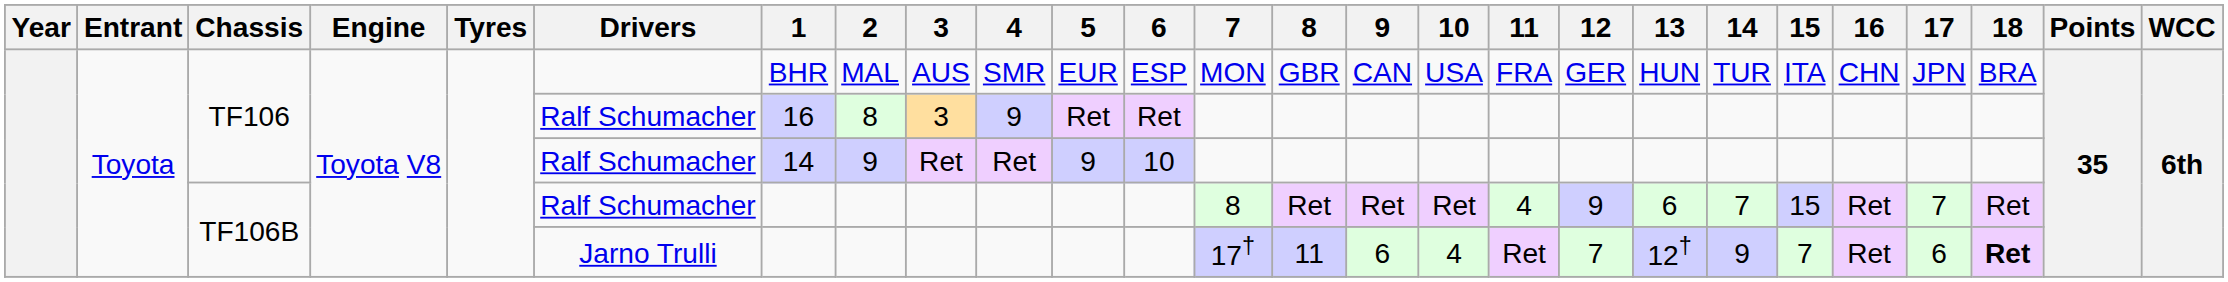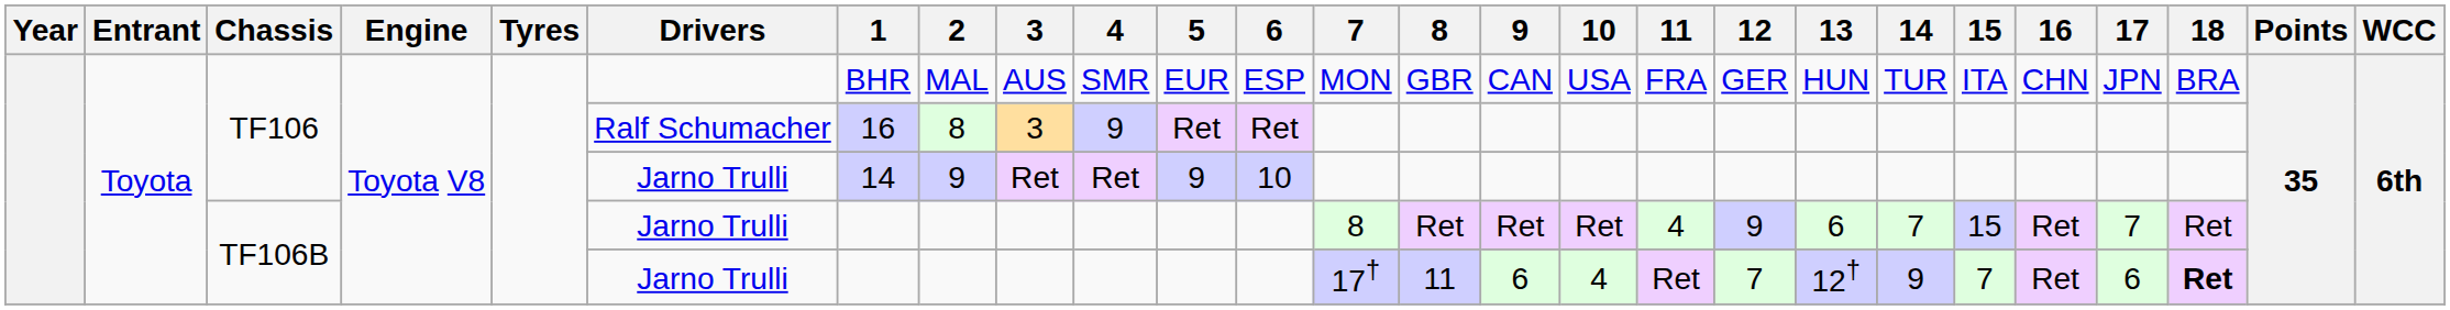 <table class="wikitable" style="text-align:center; font-size:95%">
 <tr>
 <th>Year</th>
 <th>Entrant</th>
 <th>Chassis</th>
 <th>Engine</th>
 <th>Tyres</th>
 <th>Drivers</th>
 <th>1</th>
 <th>2</th>
 <th>3</th>
 <th>4</th>
 <th>5</th>
 <th>6</th>
 <th>7</th>
 <th>8</th>
 <th>9</th>
 <th>10</th>
 <th>11</th>
 <th>12</th>
 <th>13</th>
 <th>14</th>
 <th>15</th>
 <th>16</th>
 <th>17</th>
 <th>18</th>
 <th>Points</th>
 <th>WCC</th>
 </tr>
 <tr>
 <th rowspan="5"></th>
 <td rowspan="5"><a href='#'>Toyota</a></td>
 <td rowspan="3">TF106</td>
 <td rowspan="5"><a href='#'>Toyota</a> <a href='#'>V8</a></td>
 <td rowspan="5"></td>
 <td></td>
 <td><a href='#'>BHR</a></td>
 <td><a href='#'>MAL</a></td>
 <td><a href='#'>AUS</a></td>
 <td><a href='#'>SMR</a></td>
 <td><a href='#'>EUR</a></td>
 <td><a href='#'>ESP</a></td>
 <td><a href='#'>MON</a></td>
 <td><a href='#'>GBR</a></td>
 <td><a href='#'>CAN</a></td>
 <td><a href='#'>USA</a></td>
 <td><a href='#'>FRA</a></td>
 <td><a href='#'>GER</a></td>
 <td><a href='#'>HUN</a></td>
 <td><a href='#'>TUR</a></td>
 <td><a href='#'>ITA</a></td>
 <td><a href='#'>CHN</a></td>
 <td><a href='#'>JPN</a></td>
 <td><a href='#'>BRA</a></td>
 <th rowspan="5">35</th>
 <th rowspan="5">6th</th>
 </tr>
 <tr>
 <td> <a href='#'>Ralf Schumacher</a></td>
 <td style="background:#CFCFFF;">16</td>
 <td style="background:#DFFFDF;">8</td>
 <td style="background:#FFDF9F;">3</td>
 <td style="background:#CFCFFF;">9</td>
 <td style="background:#EFCFFF;">Ret</td>
 <td style="background:#EFCFFF;">Ret</td>
 <td></td>
 <td></td>
 <td></td>
 <td></td>
 <td></td>
 <td></td>
 <td></td>
 <td></td>
 <td></td>
 <td></td>
 <td></td>
 <td></td>
 </tr>
 <tr>
-<td> <a href='#'>Ralf Schumacher</a></td>
+<td> <a href='#'>Jarno Trulli</a></td>
 <td style="background:#CFCFFF;">14</td>
 <td style="background:#CFCFFF;">9</td>
 <td style="background:#EFCFFF;">Ret</td>
 <td style="background:#EFCFFF;">Ret</td>
 <td style="background:#CFCFFF;">9</td>
 <td style="background:#CFCFFF;">10</td>
 <td></td>
 <td></td>
 <td></td>
 <td></td>
 <td></td>
 <td></td>
 <td></td>
 <td></td>
 <td></td>
 <td></td>
 <td></td>
 <td></td>
 </tr>
 <tr>
 <td rowspan="2">TF106B</td>
-<td> <a href='#'>Ralf Schumacher</a></td>
+<td> <a href='#'>Jarno Trulli</a></td>
 <td></td>
 <td></td>
 <td></td>
 <td></td>
 <td></td>
 <td></td>
 <td style="background:#DFFFDF;">8</td>
 <td style="background:#EFCFFF;">Ret</td>
 <td style="background:#EFCFFF;">Ret</td>
 <td style="background:#EFCFFF;">Ret</td>
 <td style="background:#DFFFDF;">4</td>
 <td style="background:#CFCFFF;">9</td>
 <td style="background:#DFFFDF;">6</td>
 <td style="background:#DFFFDF;">7</td>
 <td style="background:#CFCFFF;">15</td>
 <td style="background:#EFCFFF;">Ret</td>
 <td style="background:#DFFFDF;">7</td>
 <td style="background:#EFCFFF;">Ret</td>
 </tr>
 <tr>
 <td> <a href='#'>Jarno Trulli</a></td>
 <td></td>
 <td></td>
 <td></td>
 <td></td>
 <td></td>
 <td></td>
 <td style="background:#CFCFFF;">17<sup>†</sup></td>
 <td style="background:#CFCFFF;">11</td>
 <td style="background:#DFFFDF;">6</td>
 <td style="background:#DFFFDF;">4</td>
 <td style="background:#EFCFFF;">Ret</td>
 <td style="background:#DFFFDF;">7</td>
 <td style="background:#CFCFFF;">12<sup>†</sup></td>
 <td style="background:#CFCFFF;">9</td>
 <td style="background:#DFFFDF;">7</td>
 <td style="background:#EFCFFF;">Ret</td>
 <td style="background:#DFFFDF;">6</td>
 <td style="background:#EFCFFF;"><strong>Ret</strong></td>
 </tr>
 </table>
